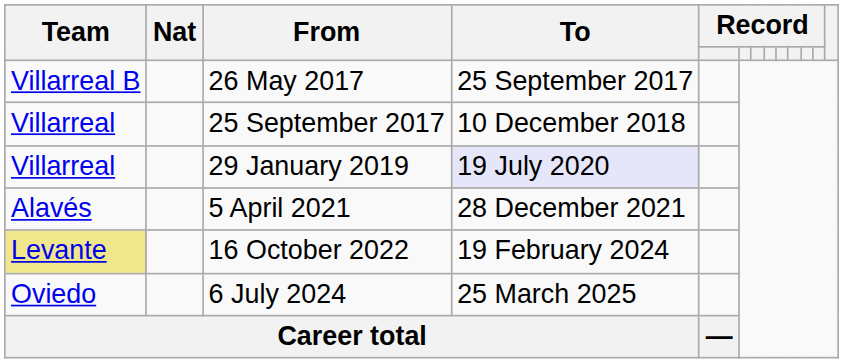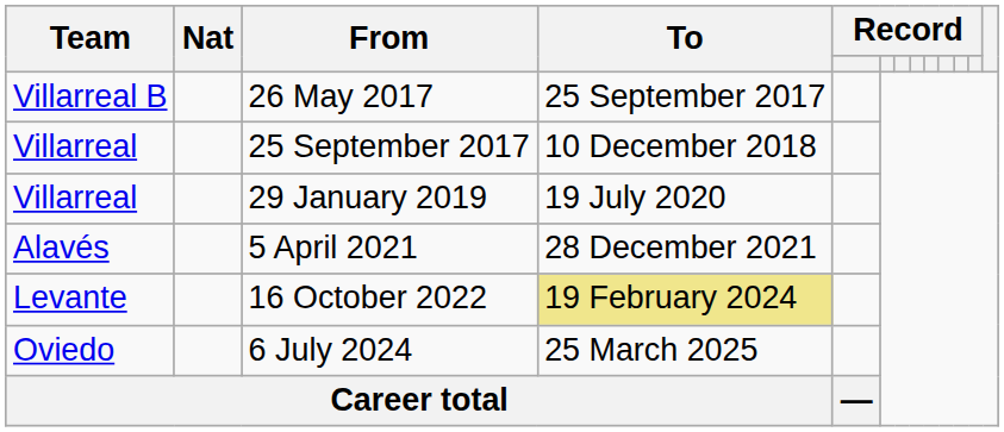 <table class="wikitable" style="text-align: center">
 <tr>
 <th rowspan="2">Team</th>
 <th rowspan="2">Nat</th>
 <th rowspan="2">From</th>
 <th rowspan="2">To</th>
 <th colspan="8">Record</th>
 <th rowspan=2></th>
 </tr>
 <tr>
 <th></th>
 <th></th>
 <th></th>
 <th></th>
 <th></th>
 <th></th>
 <th></th>
 <th></th>
 </tr>
 <tr>
 <td align="left"><a href='#'>Villarreal B</a></td>
 <td></td>
 <td align=left>26 May 2017</td>
 <td align=left>25 September 2017<br></td>
 <td></td>
 </tr>
 <tr>
 <td align="left"><a href='#'>Villarreal</a></td>
 <td></td>
 <td align=left>25 September 2017</td>
 <td align=left>10 December 2018<br></td>
 <td></td>
 </tr>
 <tr>
 <td align="left"><a href='#'>Villarreal</a></td>
 <td></td>
 <td align=left>29 January 2019</td>
-<td align=left style="background: lavender;">19 July 2020<br></td>
+<td align=left>19 July 2020<br></td>
 <td></td>
 </tr>
 <tr>
 <td align="left"><a href='#'>Alavés</a></td>
 <td></td>
 <td align=left>5 April 2021</td>
 <td align=left>28 December 2021<br></td>
 <td></td>
 </tr>
 <tr>
-<td align="left" style="background: khaki;"><a href='#'>Levante</a></td>
+<td align="left"><a href='#'>Levante</a></td>
 <td></td>
 <td align=left>16 October 2022</td>
-<td align=left>19 February 2024<br></td>
+<td align=left style="background: khaki;">19 February 2024<br></td>
 <td></td>
 </tr>
 <tr>
 <td align="left"><a href='#'>Oviedo</a></td>
 <td></td>
 <td align=left>6 July 2024</td>
 <td align=left>25 March 2025<br></td>
 <td></td>
 </tr>
 <tr>
 <th colspan=4>Career total<br></th>
 <th>—</th>
 </tr>
 </table>
